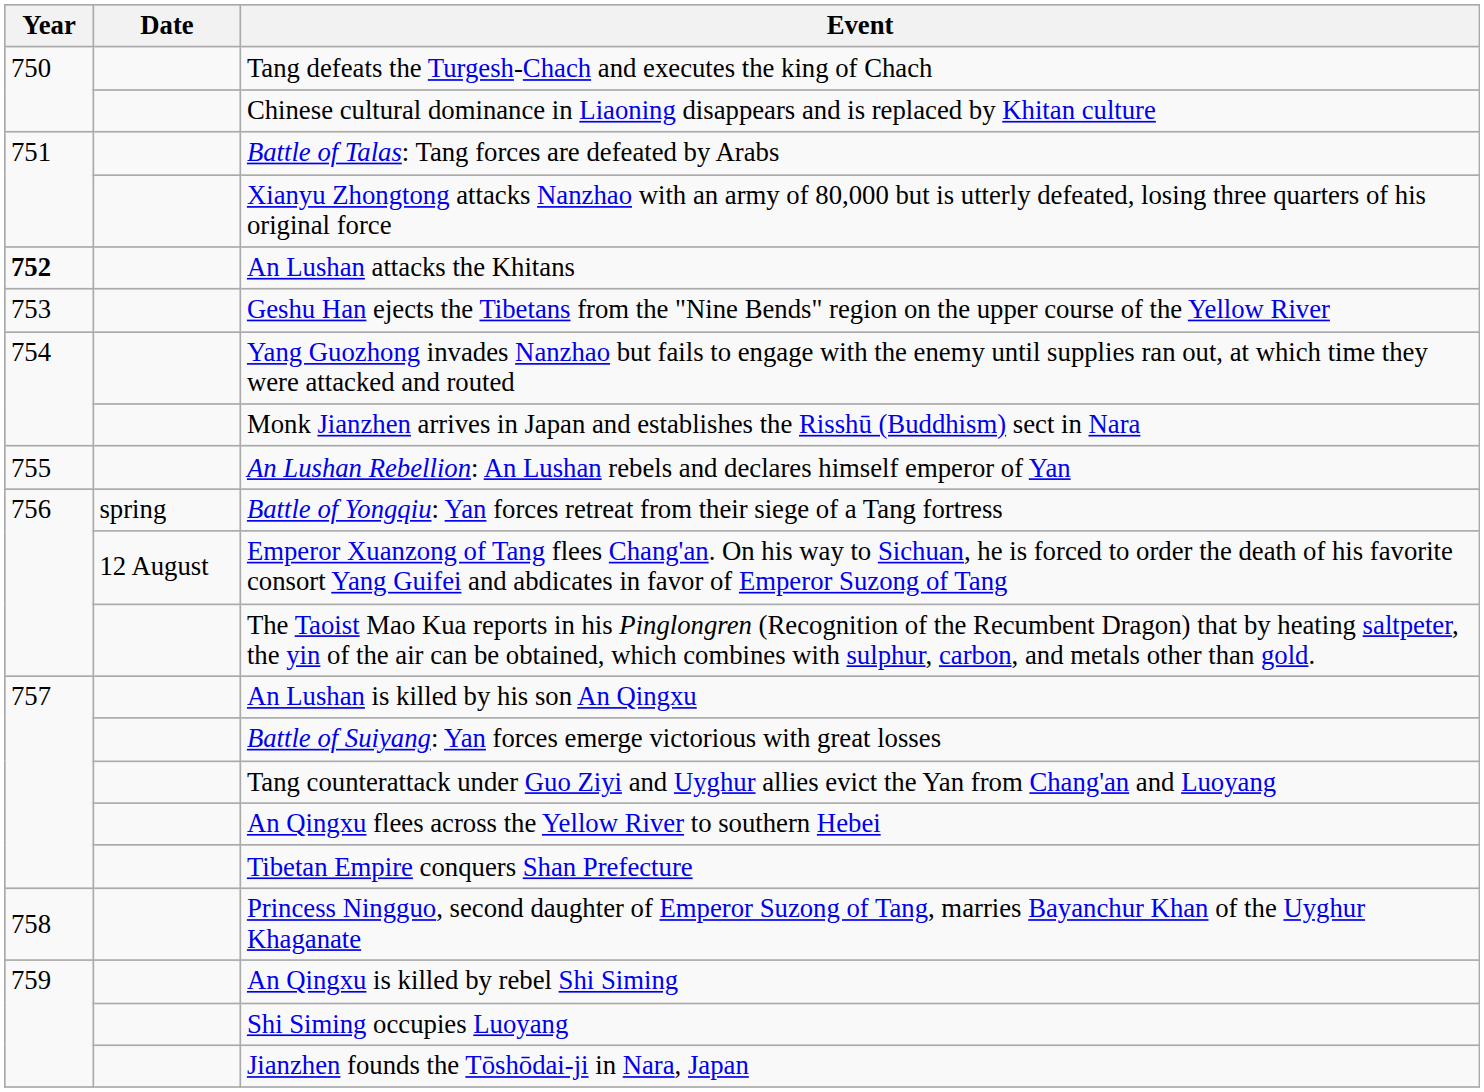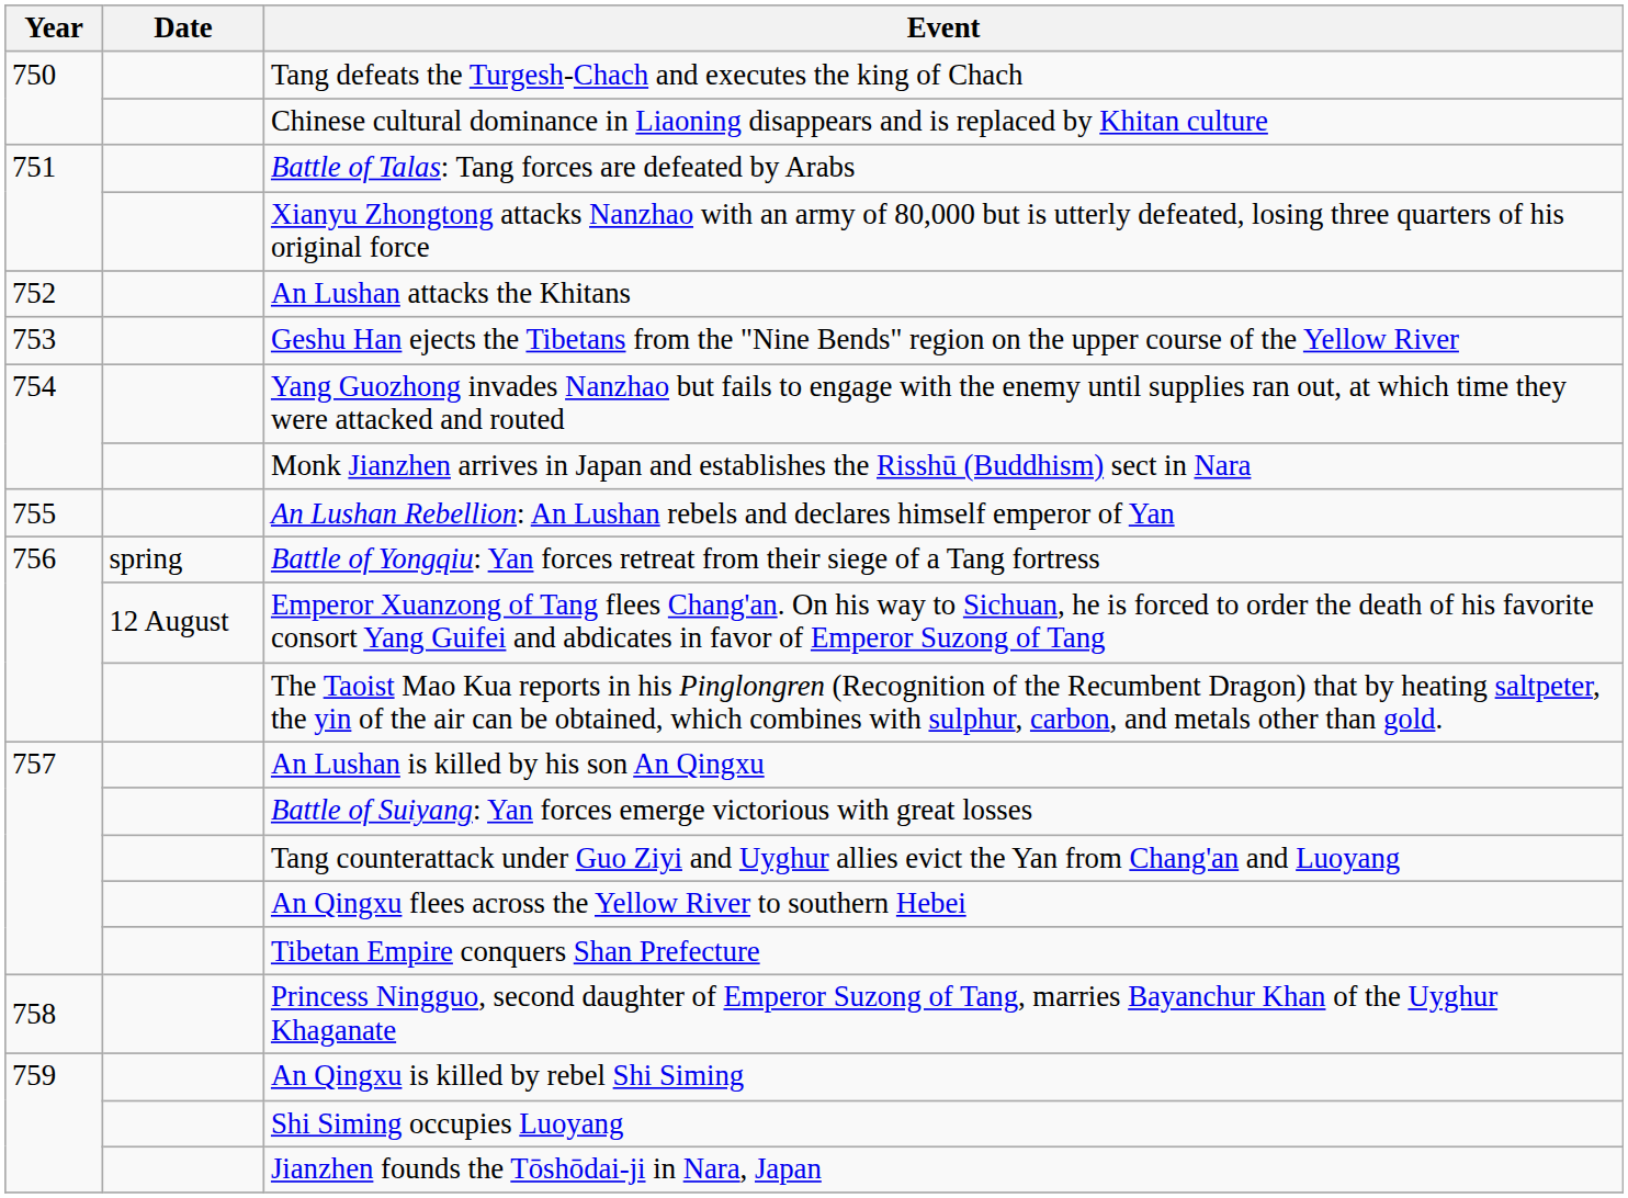 <table class="wikitable" width="100%">
 <tr>
 <th style="width:6%">Year</th>
 <th style="width:10%">Date</th>
 <th>Event</th>
 </tr>
 <tr>
 <td rowspan="2" valign="top">750</td>
 <td></td>
 <td>Tang defeats the <a href='#'>Turgesh</a>-<a href='#'>Chach</a> and executes the king of Chach</td>
 </tr>
 <tr>
 <td></td>
 <td>Chinese cultural dominance in <a href='#'>Liaoning</a> disappears and is replaced by <a href='#'>Khitan culture</a></td>
 </tr>
 <tr>
 <td rowspan="2" valign="top">751</td>
 <td></td>
 <td><em><a href='#'>Battle of Talas</a></em>: Tang forces are defeated by Arabs</td>
 </tr>
 <tr>
 <td></td>
 <td><a href='#'>Xianyu Zhongtong</a> attacks <a href='#'>Nanzhao</a> with an army of 80,000 but is utterly defeated, losing three quarters of his original force</td>
 </tr>
 <tr>
-<td><strong>752</strong></td>
+<td>752</td>
 <td></td>
 <td><a href='#'>An Lushan</a> attacks the Khitans</td>
 </tr>
 <tr>
 <td>753</td>
 <td></td>
 <td><a href='#'>Geshu Han</a> ejects the <a href='#'>Tibetans</a> from the "Nine Bends" region on the upper course of the <a href='#'>Yellow River</a></td>
 </tr>
 <tr>
 <td rowspan="2" valign="top">754</td>
 <td></td>
 <td><a href='#'>Yang Guozhong</a> invades <a href='#'>Nanzhao</a> but fails to engage with the enemy until supplies ran out, at which time they were attacked and routed</td>
 </tr>
 <tr>
 <td></td>
 <td>Monk <a href='#'>Jianzhen</a> arrives in Japan and establishes the <a href='#'>Risshū (Buddhism)</a> sect in <a href='#'>Nara</a></td>
 </tr>
 <tr>
 <td>755</td>
 <td></td>
 <td><em><a href='#'>An Lushan Rebellion</a></em>: <a href='#'>An Lushan</a> rebels and declares himself emperor of <a href='#'>Yan</a></td>
 </tr>
 <tr>
 <td rowspan="3" valign="top">756</td>
 <td>spring</td>
 <td><em><a href='#'>Battle of Yongqiu</a></em>: <a href='#'>Yan</a> forces retreat from their siege of a Tang fortress</td>
 </tr>
 <tr>
 <td>12 August</td>
 <td><a href='#'>Emperor Xuanzong of Tang</a> flees <a href='#'>Chang'an</a>. On his way to <a href='#'>Sichuan</a>, he is forced to order the death of his favorite consort <a href='#'>Yang Guifei</a> and abdicates in favor of <a href='#'>Emperor Suzong of Tang</a></td>
 </tr>
 <tr>
 <td></td>
 <td>The <a href='#'>Taoist</a> Mao Kua reports in his <em>Pinglongren</em> (Recognition of the Recumbent Dragon) that by heating <a href='#'>saltpeter</a>, the <a href='#'>yin</a> of the air can be obtained, which combines with <a href='#'>sulphur</a>, <a href='#'>carbon</a>, and metals other than <a href='#'>gold</a>.</td>
 </tr>
 <tr>
 <td rowspan="5" valign="top">757</td>
 <td></td>
 <td><a href='#'>An Lushan</a> is killed by his son <a href='#'>An Qingxu</a></td>
 </tr>
 <tr>
 <td></td>
 <td><em><a href='#'>Battle of Suiyang</a></em>: <a href='#'>Yan</a> forces emerge victorious with great losses</td>
 </tr>
 <tr>
 <td></td>
 <td>Tang counterattack under <a href='#'>Guo Ziyi</a> and <a href='#'>Uyghur</a> allies evict the Yan from <a href='#'>Chang'an</a> and <a href='#'>Luoyang</a></td>
 </tr>
 <tr>
 <td></td>
 <td><a href='#'>An Qingxu</a> flees across the <a href='#'>Yellow River</a> to southern <a href='#'>Hebei</a></td>
 </tr>
 <tr>
 <td></td>
 <td><a href='#'>Tibetan Empire</a> conquers <a href='#'>Shan Prefecture</a></td>
 </tr>
 <tr>
 <td>758</td>
 <td></td>
 <td><a href='#'>Princess Ningguo</a>, second daughter of <a href='#'>Emperor Suzong of Tang</a>, marries <a href='#'>Bayanchur Khan</a> of the <a href='#'>Uyghur Khaganate</a></td>
 </tr>
 <tr>
 <td rowspan="3" valign="top">759</td>
 <td></td>
 <td><a href='#'>An Qingxu</a> is killed by rebel <a href='#'>Shi Siming</a></td>
 </tr>
 <tr>
 <td></td>
 <td><a href='#'>Shi Siming</a> occupies <a href='#'>Luoyang</a></td>
 </tr>
 <tr>
 <td></td>
 <td><a href='#'>Jianzhen</a> founds the <a href='#'>Tōshōdai-ji</a> in <a href='#'>Nara</a>, <a href='#'>Japan</a></td>
 </tr>
 </table>
